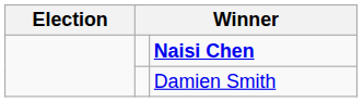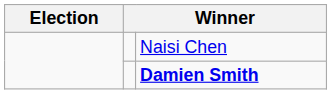 <table class="wikitable">
 <tr>
 <th width=100>Election</th>
 <th width=175 colspan=2>Winner</th>
 </tr>
 <tr>
 <td rowspan=2></td>
 <td></td>
-<td><strong><a href='#'>Naisi Chen</a></strong></td>
+<td><a href='#'>Naisi Chen</a></td>
 </tr>
 <tr>
 <td></td>
-<td><a href='#'>Damien Smith</a></td>
+<td><strong><a href='#'>Damien Smith</a></strong></td>
 </tr>
 </table>
